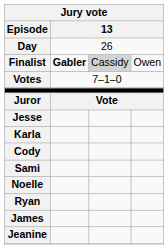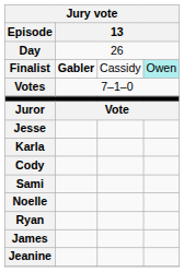 <table class="wikitable nowrap" style="text-align:center; font-size:100%">
 <tr>
 <th colspan="4">Jury vote</th>
 </tr>
 <tr>
 <th>Episode</th>
 <th colspan="3">13</th>
 </tr>
 <tr>
 <th>Day</th>
 <td colspan="3">26</td>
 </tr>
 <tr>
 <th>Finalist</th>
 <td><strong>Gabler</strong></td>
-<td style="background: lightgrey;">Cassidy</td>
-<td>Owen</td>
+<td>Cassidy</td>
+<td style="background: paleturquoise;">Owen</td>
 </tr>
 <tr>
 <th>Votes</th>
 <td colspan="3">7–1–0</td>
 </tr>
 <tr>
 <th colspan="5" style="background:black;"></th>
 </tr>
 <tr>
 <th>Juror</th>
 <th colspan="4">Vote</th>
 </tr>
 <tr>
 <th>Jesse</th>
 <td></td>
 <td></td>
 <td></td>
 </tr>
 <tr>
 <th>Karla</th>
 <td></td>
 <td></td>
 <td></td>
 </tr>
 <tr>
 <th>Cody</th>
 <td></td>
 <td></td>
 <td></td>
 </tr>
 <tr>
 <th>Sami</th>
 <td></td>
 <td></td>
 <td></td>
 </tr>
 <tr>
 <th>Noelle</th>
 <td></td>
 <td></td>
 <td></td>
 </tr>
 <tr>
 <th>Ryan</th>
 <td></td>
 <td></td>
 <td></td>
 </tr>
 <tr>
 <th>James</th>
 <td></td>
 <td></td>
 <td></td>
 </tr>
 <tr>
 <th>Jeanine</th>
 <td></td>
 <td></td>
 <td></td>
 </tr>
 <tr>
 </tr>
 </table>
